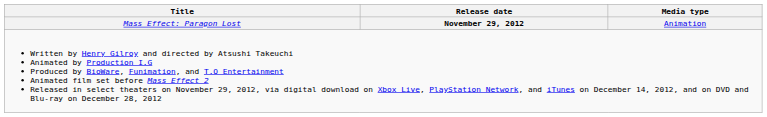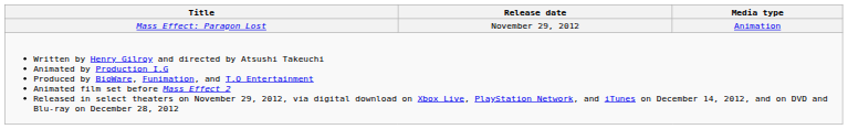 <table class="wikitable" width="100%">
 <tr style="text-align: center;">
 <th scope="col">Title</th>
 <th scope="col">Release date</th>
 <th scope="col">Media type</th>
 </tr>
 <tr bgcolor="#F2F2F2" align="center">
 <th scope="row" style="font-weight:normal;"><em><a href='#'>Mass Effect: Paragon Lost</a></em></th>
-<td><strong>November 29, 2012</strong></td>
+<td>November 29, 2012</td>
 <td><a href='#'>Animation</a></td>
 </tr>
 <tr>
 <td colspan="3"><br><ul><li>Written by <a href='#'>Henry Gilroy</a> and directed by Atsushi Takeuchi</li><li>Animated by <a href='#'>Production I.G</a></li><li>Produced by <a href='#'>BioWare</a>, <a href='#'>Funimation</a>, and <a href='#'>T.O Entertainment</a></li><li>Animated film set before <em><a href='#'>Mass Effect 2</a></em></li><li>Released in select theaters on November 29, 2012, via digital download on <a href='#'>Xbox Live</a>, <a href='#'>PlayStation Network</a>, and <a href='#'>iTunes</a> on December 14, 2012, and on DVD and Blu-ray on December 28, 2012</li></ul></td>
 </tr>
 </table>
